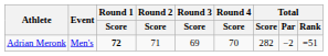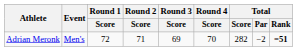 <table class=wikitable style=font-size:90%;text-align:center>
 <tr>
 <th rowspan=2>Athlete</th>
 <th rowspan=2>Event</th>
 <th>Round 1</th>
 <th>Round 2</th>
 <th>Round 3</th>
 <th>Round 4</th>
 <th colspan=3>Total</th>
 </tr>
 <tr style=font-size:95%>
 <th>Score</th>
 <th>Score</th>
 <th>Score</th>
 <th>Score</th>
 <th>Score</th>
 <th>Par</th>
 <th>Rank</th>
 </tr>
 <tr>
 <td align=left><a href='#'>Adrian Meronk</a></td>
 <td align=left><a href='#'>Men's</a></td>
-<td><strong>72</strong></td>
+<td>72</td>
 <td>71</td>
 <td>69</td>
 <td>70</td>
 <td>282</td>
 <td>−2</td>
-<td>=51</td>
+<td><strong>=51</strong></td>
 </tr>
 </table>
